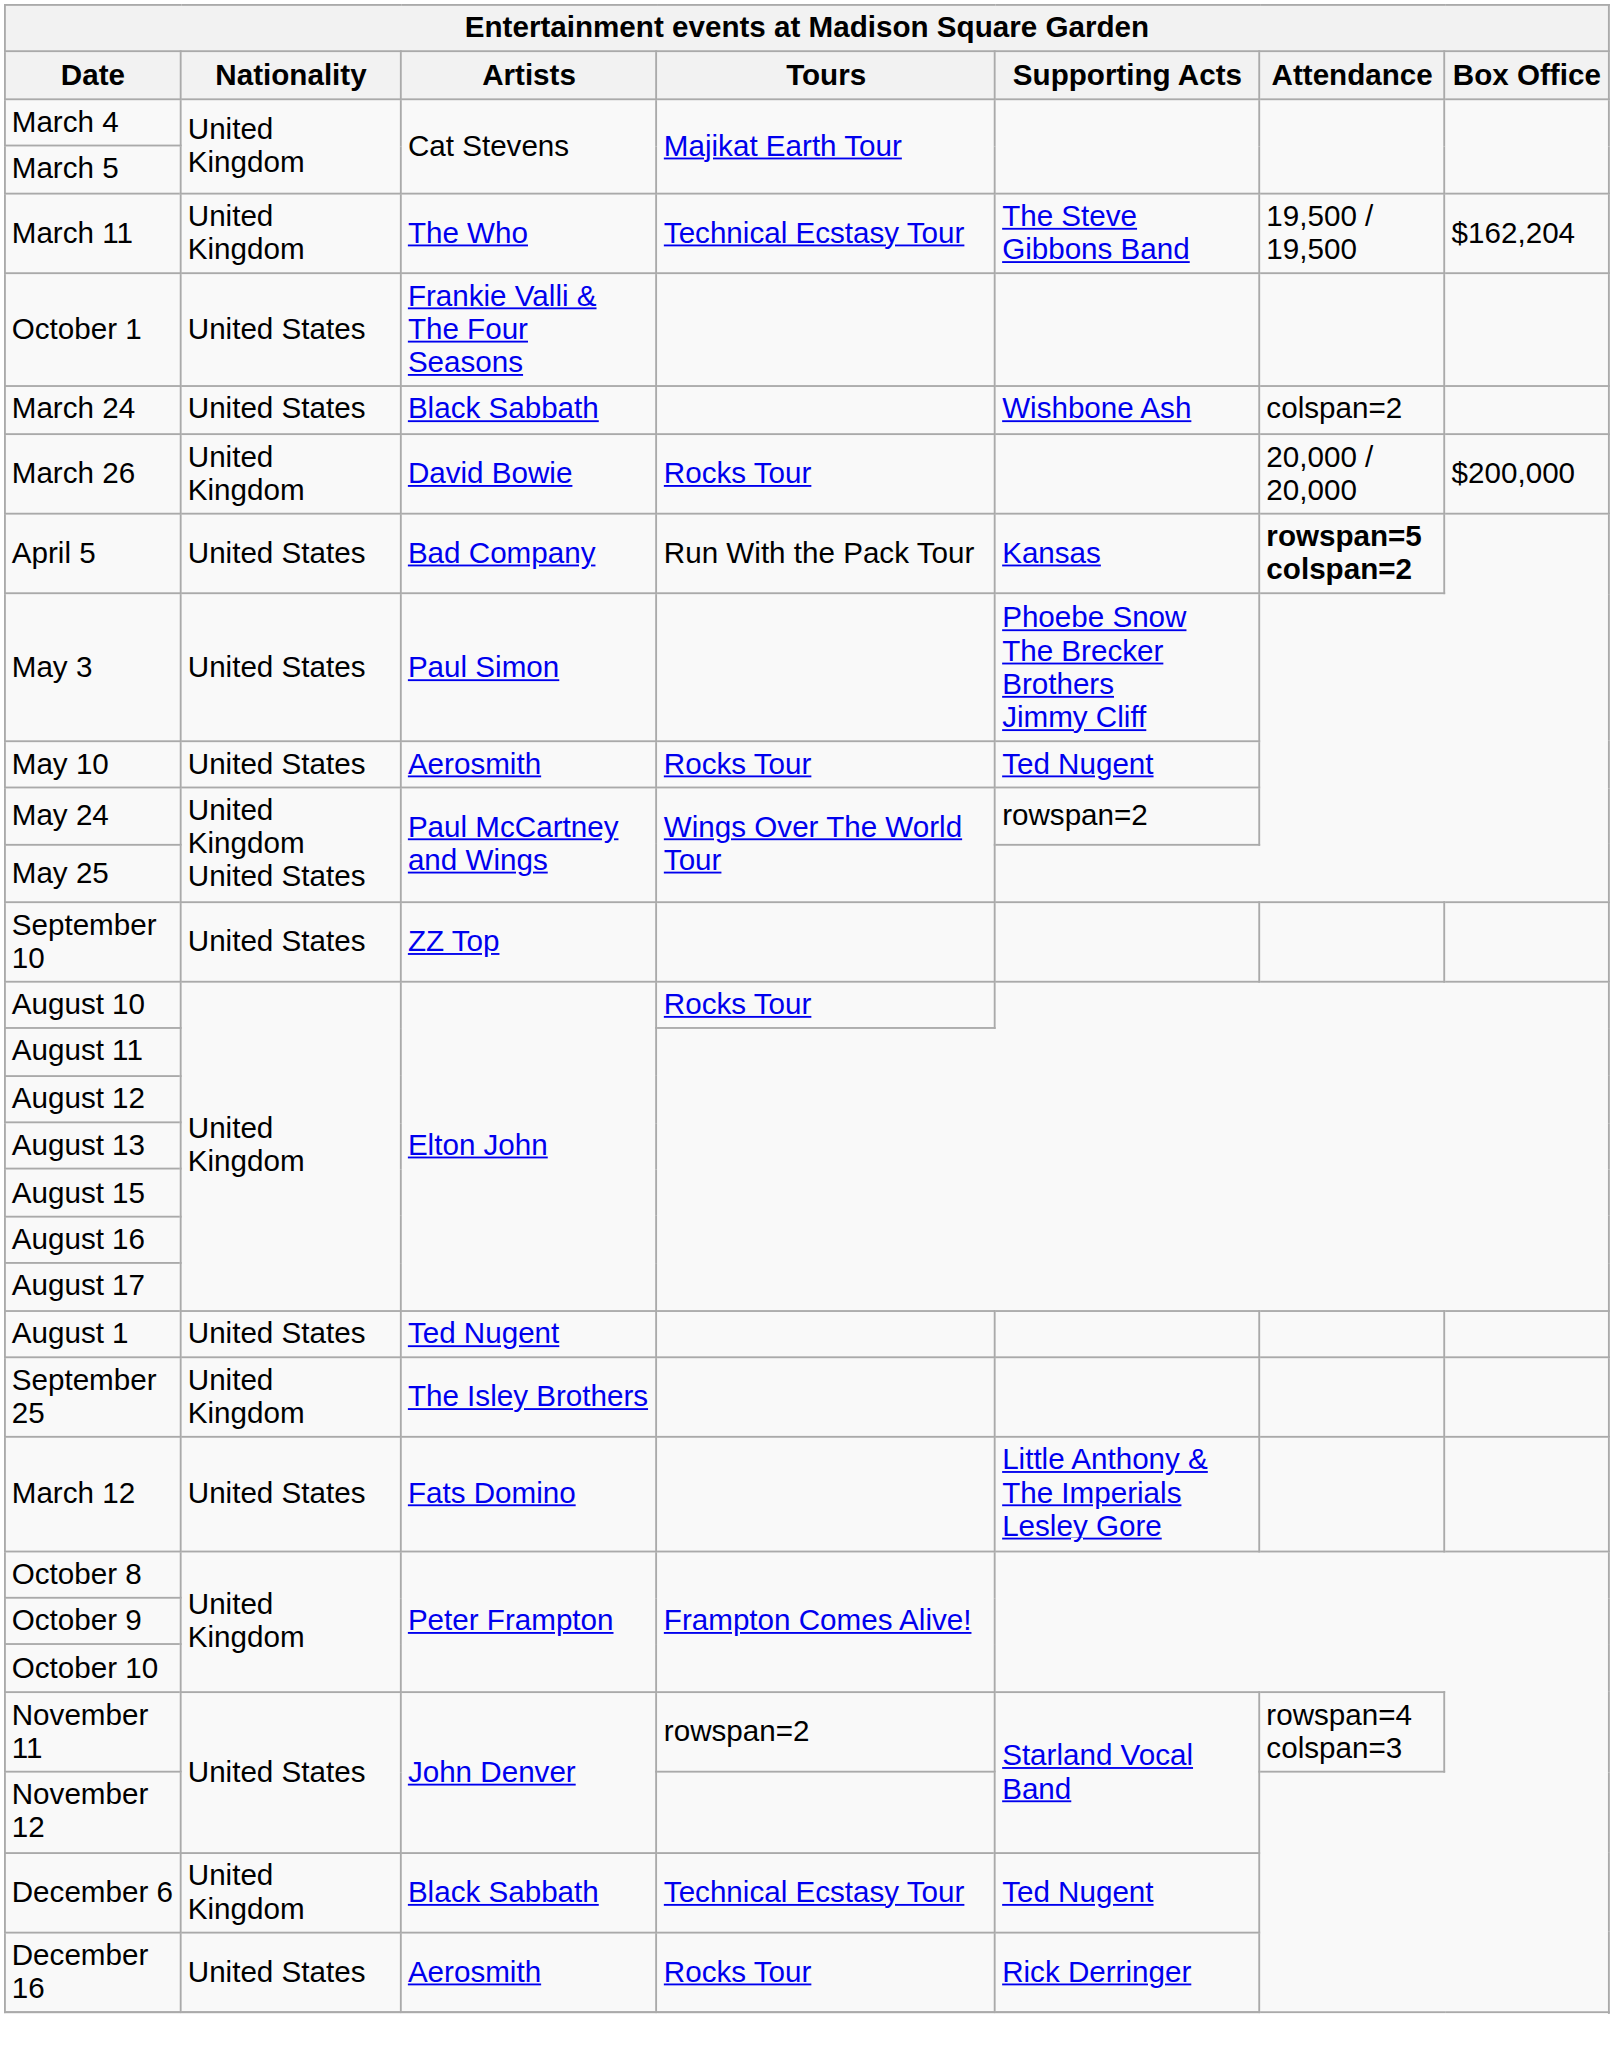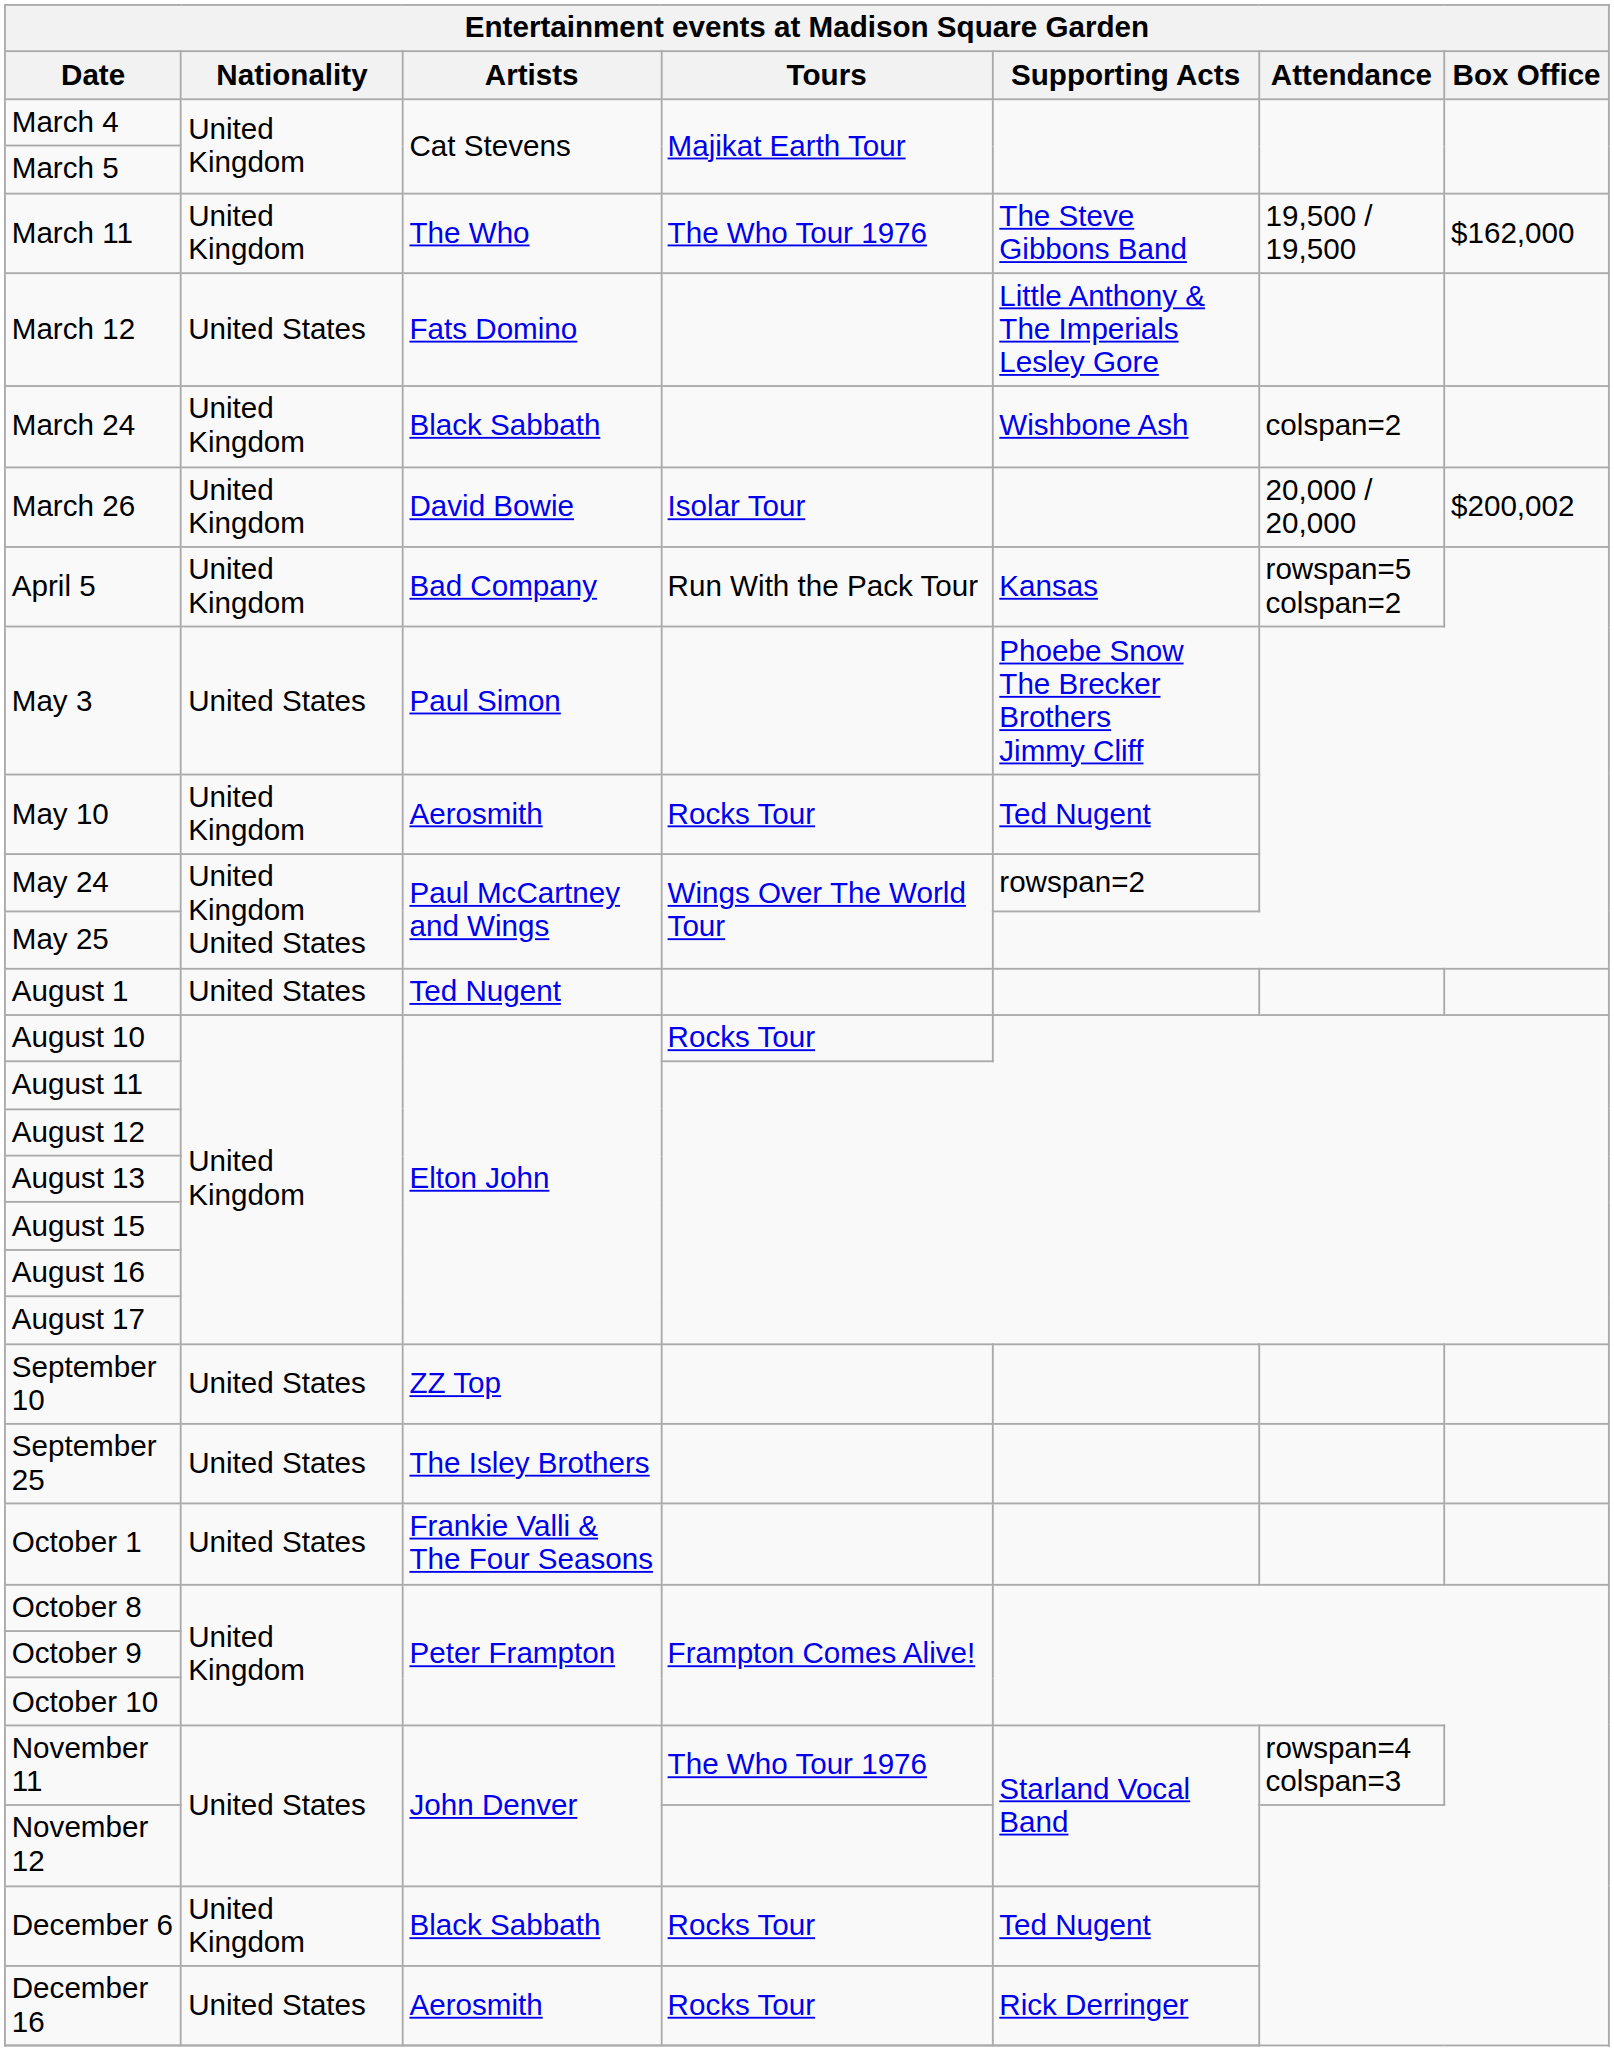 <table class="wikitable">
 <tr>
 <th colspan="7">Entertainment events at Madison Square Garden</th>
 </tr>
 <tr>
 <th width=100>Date</th>
 <th width=150>Nationality</th>
 <th width=200>Artists</th>
 <th width=300>Tours</th>
 <th width=200>Supporting Acts</th>
 <th width=100>Attendance</th>
 <th width=100>Box Office</th>
 </tr>
 <tr>
 <td>March 4</td>
 <td rowspan="2">United Kingdom</td>
 <td rowspan="2">Cat Stevens</td>
 <td rowspan="2"><a href='#'>Majikat Earth Tour</a></td>
 <td rowspan="2"></td>
 <td rowspan="2"></td>
 <td rowspan="2"></td>
 </tr>
 <tr>
 <td>March 5</td>
 </tr>
 <tr>
 <td>March 11</td>
 <td>United Kingdom</td>
 <td><a href='#'>The Who</a></td>
-<td><a href='#'>Technical Ecstasy Tour</a></td>
+<td><a href='#'>The Who Tour 1976</a></td>
 <td><a href='#'>The Steve Gibbons Band</a></td>
 <td>19,500 / 19,500</td>
-<td>$162,204</td>
+<td>$162,000</td>
 </tr>
 <tr>
-<td>October 1</td>
+<td>March 12</td>
 <td>United States</td>
-<td><a href='#'>Frankie Valli & The Four Seasons</a></td>
+<td><a href='#'>Fats Domino</a></td>
 <td></td>
-<td></td>
+<td><a href='#'>Little Anthony & The Imperials</a><br><a href='#'>Lesley Gore</a></td>
 <td></td>
 <td></td>
 </tr>
 <tr>
 <td>March 24</td>
-<td>United States</td>
+<td>United Kingdom</td>
 <td><a href='#'>Black Sabbath</a></td>
 <td></td>
 <td><a href='#'>Wishbone Ash</a></td>
 <td>colspan=2 </td>
 </tr>
 <tr>
 <td>March 26</td>
 <td>United Kingdom</td>
 <td><a href='#'>David Bowie</a></td>
-<td><a href='#'>Rocks Tour</a></td>
+<td><a href='#'>Isolar Tour</a></td>
 <td></td>
 <td>20,000 / 20,000</td>
-<td>$200,000</td>
+<td>$200,002</td>
 </tr>
 <tr>
 <td>April 5</td>
-<td>United States</td>
+<td>United Kingdom</td>
 <td><a href='#'>Bad Company</a></td>
 <td>Run With the Pack Tour</td>
 <td><a href='#'>Kansas</a></td>
-<td><strong>rowspan=5 colspan=2 </strong></td>
+<td>rowspan=5 colspan=2 </td>
 </tr>
 <tr>
 <td>May 3</td>
 <td>United States</td>
 <td><a href='#'>Paul Simon</a></td>
 <td></td>
 <td><a href='#'>Phoebe Snow</a><br><a href='#'>The Brecker Brothers</a><br><a href='#'>Jimmy Cliff</a></td>
 </tr>
 <tr>
 <td>May 10</td>
-<td>United States</td>
+<td>United Kingdom</td>
 <td><a href='#'>Aerosmith</a></td>
 <td><a href='#'>Rocks Tour</a></td>
 <td><a href='#'>Ted Nugent</a></td>
 </tr>
 <tr>
 <td>May 24</td>
 <td rowspan="2">United Kingdom<br>United States</td>
 <td rowspan="2"><a href='#'>Paul McCartney and Wings</a></td>
 <td rowspan="2"><a href='#'>Wings Over The World Tour</a></td>
 <td>rowspan=2 </td>
 </tr>
 <tr>
 <td>May 25</td>
 </tr>
 <tr>
-<td>September 10</td>
+<td>August 1</td>
 <td>United States</td>
-<td><a href='#'>ZZ Top</a></td>
+<td><a href='#'>Ted Nugent</a></td>
 <td></td>
 <td></td>
 <td></td>
 <td></td>
 </tr>
 <tr>
 <td>August 10</td>
 <td rowspan=7>United Kingdom</td>
 <td rowspan=7><a href='#'>Elton John</a></td>
 <td><a href='#'>Rocks Tour</a></td>
 </tr>
 <tr>
 <td>August 11</td>
 </tr>
 <tr>
 <td>August 12</td>
 </tr>
 <tr>
 <td>August 13</td>
 </tr>
 <tr>
 <td>August 15</td>
 </tr>
 <tr>
 <td>August 16</td>
 </tr>
 <tr>
 <td>August 17</td>
 </tr>
 <tr>
-<td>August 1</td>
+<td>September 10</td>
 <td>United States</td>
-<td><a href='#'>Ted Nugent</a></td>
+<td><a href='#'>ZZ Top</a></td>
 <td></td>
 <td></td>
 <td></td>
 <td></td>
 </tr>
 <tr>
 <td>September 25</td>
-<td>United Kingdom</td>
+<td>United States</td>
 <td><a href='#'>The Isley Brothers</a></td>
 <td></td>
 <td></td>
 <td></td>
 <td></td>
 </tr>
 <tr>
-<td>March 12</td>
+<td>October 1</td>
 <td>United States</td>
-<td><a href='#'>Fats Domino</a></td>
+<td><a href='#'>Frankie Valli & The Four Seasons</a></td>
 <td></td>
-<td><a href='#'>Little Anthony & The Imperials</a><br><a href='#'>Lesley Gore</a></td>
+<td></td>
 <td></td>
 <td></td>
 </tr>
 <tr>
 <td>October 8</td>
 <td rowspan=3>United Kingdom</td>
 <td rowspan=3><a href='#'>Peter Frampton</a></td>
 <td rowspan=3><a href='#'>Frampton Comes Alive!</a></td>
 </tr>
 <tr>
 <td>October 9</td>
 </tr>
 <tr>
 <td>October 10</td>
 </tr>
 <tr>
 <td>November 11</td>
 <td rowspan=2>United States</td>
 <td rowspan=2><a href='#'>John Denver</a></td>
-<td>rowspan=2 </td>
+<td><a href='#'>The Who Tour 1976</a></td>
 <td rowspan=2><a href='#'>Starland Vocal Band</a></td>
 <td>rowspan=4 colspan=3 </td>
 </tr>
 <tr>
 <td>November 12</td>
 </tr>
 <tr>
 <td>December 6</td>
 <td>United Kingdom</td>
 <td><a href='#'>Black Sabbath</a></td>
-<td><a href='#'>Technical Ecstasy Tour</a></td>
+<td><a href='#'>Rocks Tour</a></td>
 <td><a href='#'>Ted Nugent</a></td>
 </tr>
 <tr>
 <td>December 16</td>
 <td>United States</td>
 <td><a href='#'>Aerosmith</a></td>
 <td><a href='#'>Rocks Tour</a></td>
 <td><a href='#'>Rick Derringer</a></td>
 </tr>
 <tr>
 </tr>
 </table>
